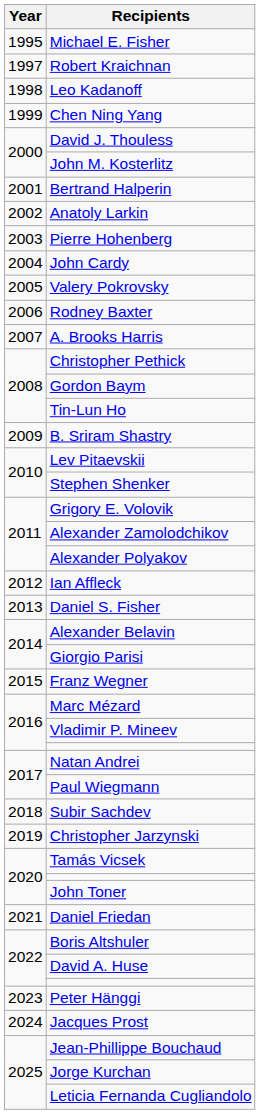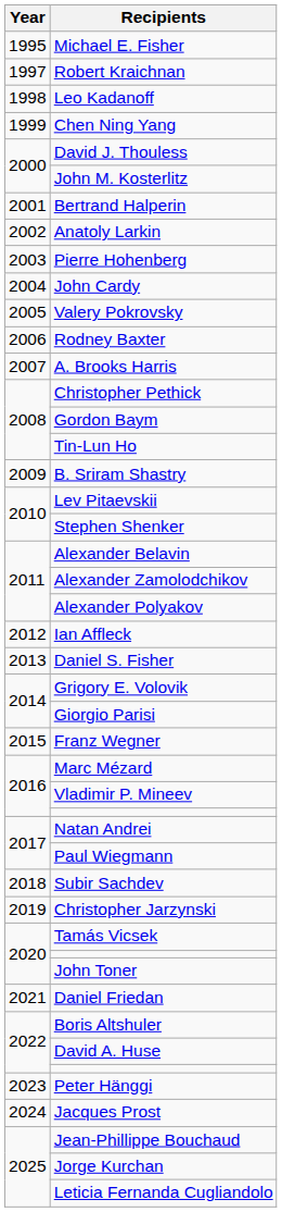 <table class="wikitable">
 <tr>
 <th>Year</th>
 <th>Recipients</th>
 </tr>
 <tr>
 <td>1995</td>
 <td><a href='#'>Michael E. Fisher</a></td>
 </tr>
 <tr>
 <td>1997</td>
 <td><a href='#'>Robert Kraichnan</a></td>
 </tr>
 <tr>
 <td>1998</td>
 <td><a href='#'>Leo Kadanoff</a></td>
 </tr>
 <tr>
 <td>1999</td>
 <td><a href='#'>Chen Ning Yang</a></td>
 </tr>
 <tr>
 <td rowspan="2">2000</td>
 <td><a href='#'>David J. Thouless</a></td>
 </tr>
 <tr>
 <td><a href='#'>John M. Kosterlitz</a></td>
 </tr>
 <tr>
 <td>2001</td>
 <td><a href='#'>Bertrand Halperin</a></td>
 </tr>
 <tr>
 <td>2002</td>
 <td><a href='#'>Anatoly Larkin</a></td>
 </tr>
 <tr>
 <td>2003</td>
 <td><a href='#'>Pierre Hohenberg</a></td>
 </tr>
 <tr>
 <td>2004</td>
 <td><a href='#'>John Cardy</a></td>
 </tr>
 <tr>
 <td>2005</td>
 <td><a href='#'>Valery Pokrovsky</a></td>
 </tr>
 <tr>
 <td>2006</td>
 <td><a href='#'>Rodney Baxter</a></td>
 </tr>
 <tr>
 <td>2007</td>
 <td><a href='#'>A. Brooks Harris</a></td>
 </tr>
 <tr>
 <td rowspan="3">2008</td>
 <td><a href='#'>Christopher Pethick</a></td>
 </tr>
 <tr>
 <td><a href='#'>Gordon Baym</a></td>
 </tr>
 <tr>
 <td><a href='#'>Tin-Lun Ho</a></td>
 </tr>
 <tr>
 <td>2009</td>
 <td><a href='#'>B. Sriram Shastry</a></td>
 </tr>
 <tr>
 <td rowspan="2">2010</td>
 <td><a href='#'>Lev Pitaevskii</a></td>
 </tr>
 <tr>
 <td><a href='#'>Stephen Shenker</a></td>
 </tr>
 <tr>
 <td rowspan="3">2011</td>
-<td><a href='#'>Grigory E. Volovik</a></td>
+<td><a href='#'>Alexander Belavin</a></td>
 </tr>
 <tr>
 <td><a href='#'>Alexander Zamolodchikov</a></td>
 </tr>
 <tr>
 <td><a href='#'>Alexander Polyakov</a></td>
 </tr>
 <tr>
 <td>2012</td>
 <td><a href='#'>Ian Affleck</a></td>
 </tr>
 <tr>
 <td>2013</td>
 <td><a href='#'>Daniel S. Fisher</a></td>
 </tr>
 <tr>
 <td rowspan="2">2014</td>
-<td><a href='#'>Alexander Belavin</a></td>
+<td><a href='#'>Grigory E. Volovik</a></td>
 </tr>
 <tr>
 <td><a href='#'>Giorgio Parisi</a></td>
 </tr>
 <tr>
 <td>2015</td>
 <td><a href='#'>Franz Wegner</a></td>
 </tr>
 <tr>
 <td rowspan="3">2016</td>
 <td><a href='#'>Marc Mézard</a></td>
 </tr>
 <tr>
 <td><a href='#'>Vladimir P. Mineev</a></td>
 </tr>
 <tr>
 <td></td>
 </tr>
 <tr>
 <td rowspan="2">2017</td>
 <td><a href='#'>Natan Andrei</a></td>
 </tr>
 <tr>
 <td><a href='#'>Paul Wiegmann</a></td>
 </tr>
 <tr>
 <td>2018</td>
 <td><a href='#'>Subir Sachdev</a></td>
 </tr>
 <tr>
 <td>2019</td>
 <td><a href='#'>Christopher Jarzynski</a></td>
 </tr>
 <tr>
 <td rowspan="3">2020</td>
 <td><a href='#'>Tamás Vicsek</a></td>
 </tr>
 <tr>
 <td></td>
 </tr>
 <tr>
 <td><a href='#'>John Toner</a></td>
 </tr>
 <tr>
 <td>2021</td>
 <td><a href='#'>Daniel Friedan</a></td>
 </tr>
 <tr>
 <td rowspan="3">2022</td>
 <td><a href='#'>Boris Altshuler</a></td>
 </tr>
 <tr>
 <td><a href='#'>David A. Huse</a></td>
 </tr>
 <tr>
 <td></td>
 </tr>
 <tr>
 <td>2023</td>
 <td><a href='#'>Peter Hänggi</a></td>
 </tr>
 <tr>
 <td>2024</td>
 <td><a href='#'>Jacques Prost</a></td>
 </tr>
 <tr>
 <td rowspan="3">2025 </td>
 <td><a href='#'>Jean-Phillippe Bouchaud</a></td>
 </tr>
 <tr>
 <td><a href='#'>Jorge Kurchan</a></td>
 </tr>
 <tr>
 <td><a href='#'>Leticia Fernanda Cugliandolo</a></td>
 </tr>
 </table>
